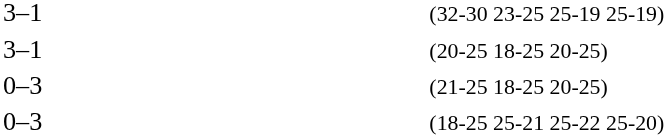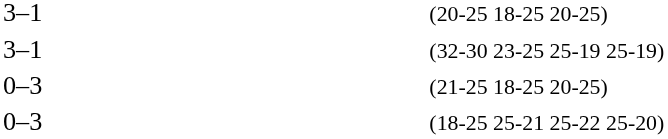 <table>
 <tr>
 <th width=200></th>
 <th width=200></th>
 <th width=80></th>
 <th width=200></th>
 <th width=220></th>
 </tr>
 <tr>
 <td align=right></td>
 <td align=right></td>
 <td align=center>3–1</td>
 <td><strong></strong></td>
-<td><small>(32-30 23-25 25-19 25-19)</small></td>
+<td><small>(20-25 18-25 20-25)</small></td>
 </tr>
 <tr>
 <td align=right></td>
 <td align=right><strong></strong></td>
 <td align=center>3–1</td>
 <td></td>
-<td><small>(20-25 18-25 20-25)</small></td>
+<td><small>(32-30 23-25 25-19 25-19)</small></td>
 </tr>
 <tr>
 <td align=right></td>
 <td align=right></td>
 <td align=center>0–3</td>
 <td><strong></strong></td>
 <td><small>(21-25 18-25 20-25)</small></td>
 </tr>
 <tr>
 <td align=right></td>
 <td align=right><strong></strong></td>
 <td align=center>0–3</td>
 <td></td>
 <td><small>(18-25 25-21 25-22 25-20)</small></td>
 </tr>
 </table>
